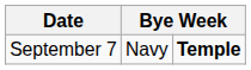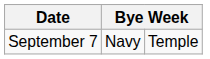 <table class="wikitable" style="font-size:95%;">
 <tr>
 <th>Date</th>
 <th colspan="3">Bye Week</th>
 </tr>
 <tr>
 <td>September 7</td>
 <td>Navy</td>
-<td><strong>Temple</strong></td>
+<td>Temple</td>
 </tr>
 </table>
